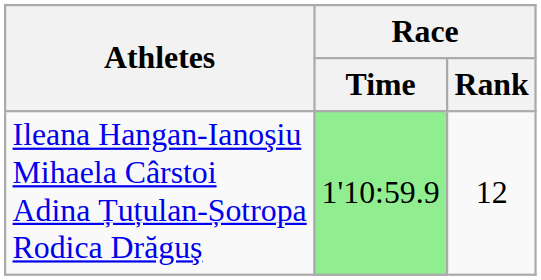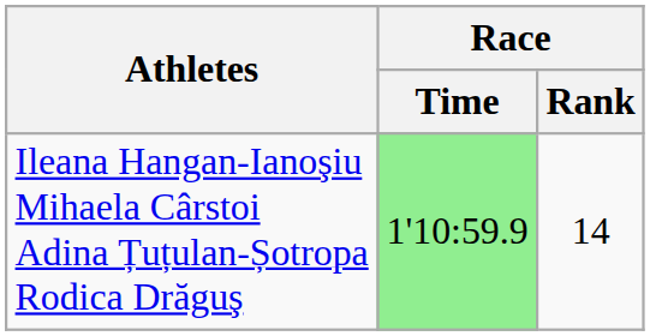 <table class="wikitable" border="1" style="font-size:90%">
 <tr>
 <th rowspan=2>Athletes</th>
 <th colspan=2>Race</th>
 </tr>
 <tr>
 <th>Time</th>
 <th>Rank</th>
 </tr>
 <tr>
 <td><a href='#'>Ileana Hangan-Ianoşiu</a><br><a href='#'>Mihaela Cârstoi</a><br><a href='#'>Adina Țuțulan-Șotropa</a><br><a href='#'>Rodica Drăguş</a></td>
 <td align=center style="background: lightgreen;">1'10:59.9</td>
-<td align=center>12</td>
+<td align=center>14</td>
 </tr>
 </table>
